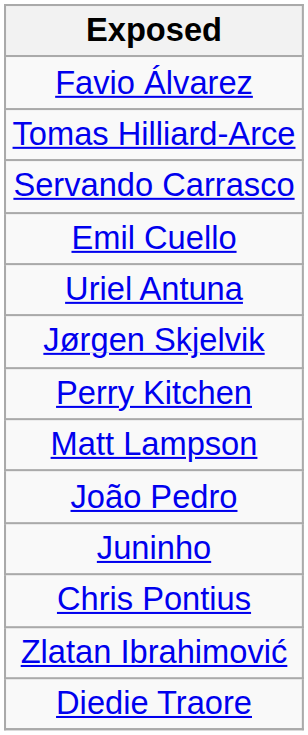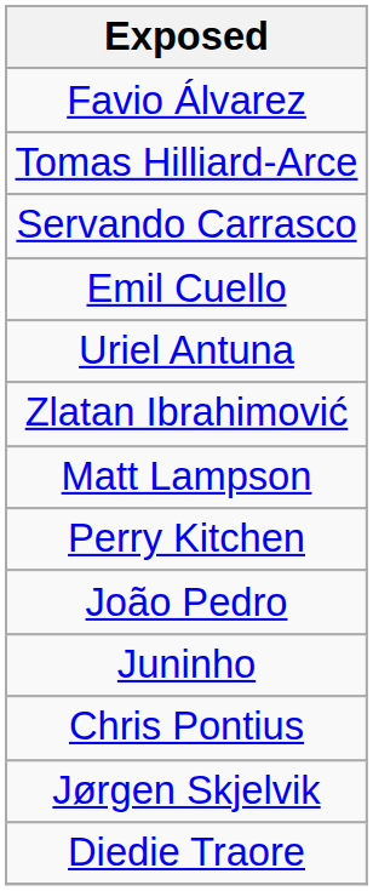 <table class="wikitable" style="text-align:center">
 <tr>
 <th>Exposed</th>
 </tr>
 <tr>
 <td><a href='#'>Favio Álvarez</a></td>
 </tr>
 <tr>
 <td><a href='#'>Tomas Hilliard-Arce</a></td>
 </tr>
 <tr>
 <td><a href='#'>Servando Carrasco</a></td>
 </tr>
 <tr>
 <td><a href='#'>Emil Cuello</a></td>
 </tr>
 <tr>
 <td><a href='#'>Uriel Antuna</a></td>
 </tr>
 <tr>
-<td><a href='#'>Jørgen Skjelvik</a></td>
+<td><a href='#'>Zlatan Ibrahimović</a></td>
+</tr>
+<tr>
+<td><a href='#'>Matt Lampson</a></td>
 </tr>
 <tr>
 <td><a href='#'>Perry Kitchen</a></td>
-</tr>
-<tr>
-<td><a href='#'>Matt Lampson</a></td>
 </tr>
 <tr>
 <td><a href='#'>João Pedro</a></td>
 </tr>
 <tr>
 <td><a href='#'>Juninho</a></td>
 </tr>
 <tr>
 <td><a href='#'>Chris Pontius</a></td>
 </tr>
 <tr>
-<td><a href='#'>Zlatan Ibrahimović</a></td>
+<td><a href='#'>Jørgen Skjelvik</a></td>
 </tr>
 <tr>
 <td><a href='#'>Diedie Traore</a></td>
 </tr>
 <tr>
 </tr>
 </table>
